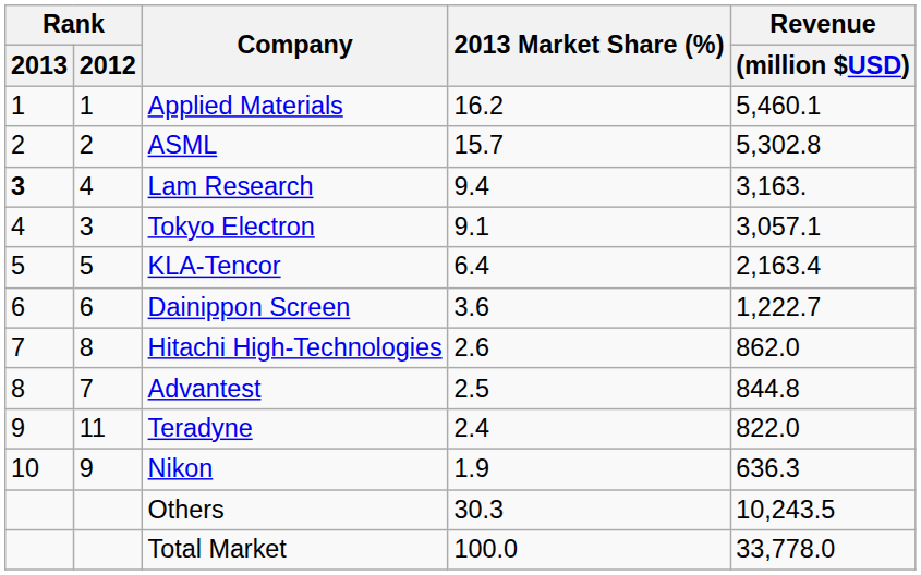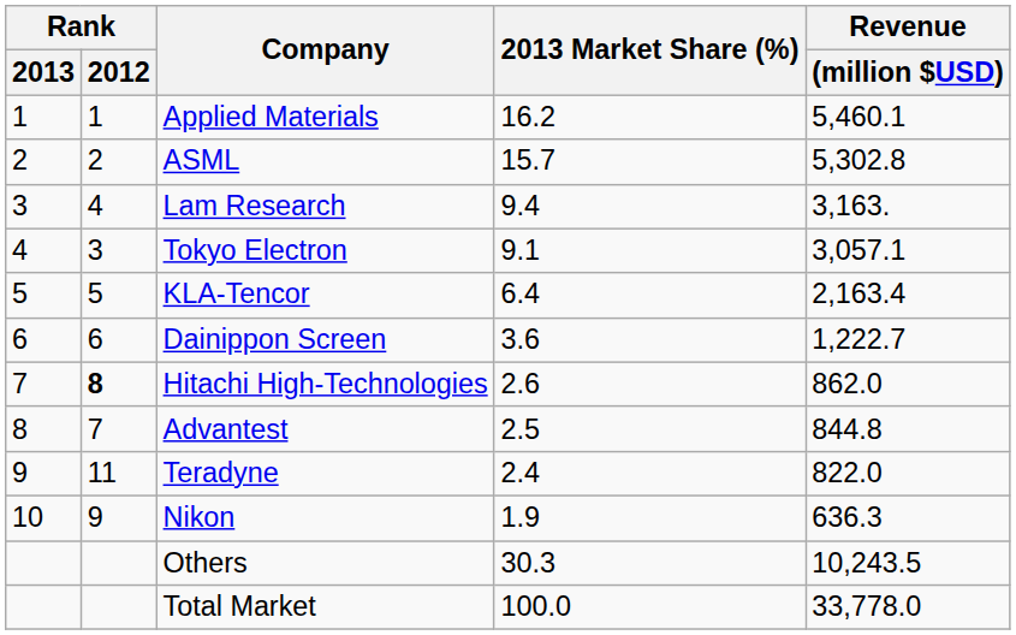 <table class="wikitable" style="text-align=left;">
 <tr>
 <th Colspan="2">Rank</th>
 <th Rowspan="2">Company</th>
 <th Rowspan="2">2013 Market Share (%)</th>
 <th>Revenue</th>
 </tr>
 <tr>
 <th>2013</th>
 <th>2012</th>
 <th>(million $<a href='#'>USD</a>)</th>
 </tr>
 <tr>
 <td>1</td>
 <td>1</td>
 <td><a href='#'>Applied Materials</a></td>
 <td>16.2</td>
 <td>5,460.1</td>
 </tr>
 <tr>
 <td>2</td>
 <td>2</td>
 <td><a href='#'>ASML</a></td>
 <td>15.7</td>
 <td>5,302.8</td>
 </tr>
 <tr>
-<td><strong>3</strong></td>
+<td>3</td>
 <td>4</td>
 <td><a href='#'>Lam Research</a></td>
 <td>9.4</td>
 <td>3,163.</td>
 </tr>
 <tr>
 <td>4</td>
 <td>3</td>
 <td><a href='#'>Tokyo Electron</a></td>
 <td>9.1</td>
 <td>3,057.1</td>
 </tr>
 <tr>
 <td>5</td>
 <td>5</td>
 <td><a href='#'>KLA-Tencor</a></td>
 <td>6.4</td>
 <td>2,163.4</td>
 </tr>
 <tr>
 <td>6</td>
 <td>6</td>
 <td><a href='#'>Dainippon Screen</a></td>
 <td>3.6</td>
 <td>1,222.7</td>
 </tr>
 <tr>
 <td>7</td>
-<td>8</td>
+<td><strong>8</strong></td>
 <td><a href='#'>Hitachi High-Technologies</a></td>
 <td>2.6</td>
 <td>862.0</td>
 </tr>
 <tr>
 <td>8</td>
 <td>7</td>
 <td><a href='#'>Advantest</a></td>
 <td>2.5</td>
 <td>844.8</td>
 </tr>
 <tr>
 <td>9</td>
 <td>11</td>
 <td><a href='#'>Teradyne</a></td>
 <td>2.4</td>
 <td>822.0</td>
 </tr>
 <tr>
 <td>10</td>
 <td>9</td>
 <td><a href='#'>Nikon</a></td>
 <td>1.9</td>
 <td>636.3</td>
 </tr>
 <tr>
 <td></td>
 <td></td>
 <td>Others</td>
 <td>30.3</td>
 <td>10,243.5</td>
 </tr>
 <tr>
 <td></td>
 <td></td>
 <td>Total Market</td>
 <td>100.0</td>
 <td>33,778.0</td>
 </tr>
 </table>
